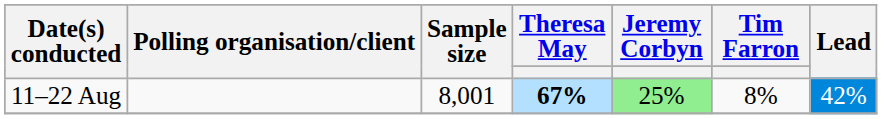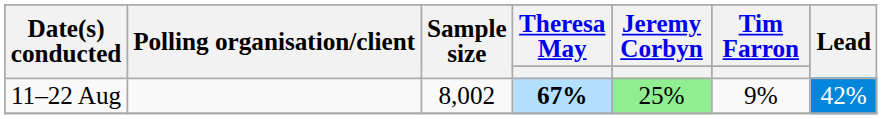 <table class="wikitable sortable mw-datatable" style="text-align:center;font-size:90%;line-height:14px;">
 <tr>
 <th rowspan="2">Date(s)<br>conducted</th>
 <th rowspan="2">Polling organisation/client</th>
 <th rowspan="2">Sample<br>size</th>
 <th style="width:50px;" class="unsortable"><a href='#'>Theresa May</a></th>
 <th style="width:50px;" class="unsortable"><a href='#'>Jeremy Corbyn</a></th>
 <th style="width:50px;" class="unsortable"><a href='#'>Tim Farron</a></th>
 <th class="unsortable" style="width:20px;" rowspan="2">Lead</th>
 </tr>
 <tr>
 <th class="unsortable" style="color:inherit;background:"></th>
 <th class="unsortable" style="color:inherit;background:"></th>
 <th class="unsortable" style="color:inherit;background:"></th>
 </tr>
 <tr>
 <td>11–22 Aug</td>
 <td></td>
-<td>8,001</td>
+<td>8,002</td>
 <td style="background:#B3E0FF"><strong>67%</strong></td>
 <td style="background: lightgreen;">25%</td>
-<td>8%</td>
+<td>9%</td>
 <td style="background:#0087DC; color:white;">42%</td>
 </tr>
 <tr>
 </tr>
 </table>
